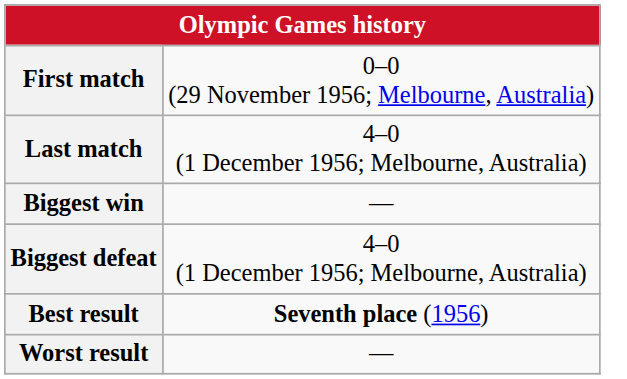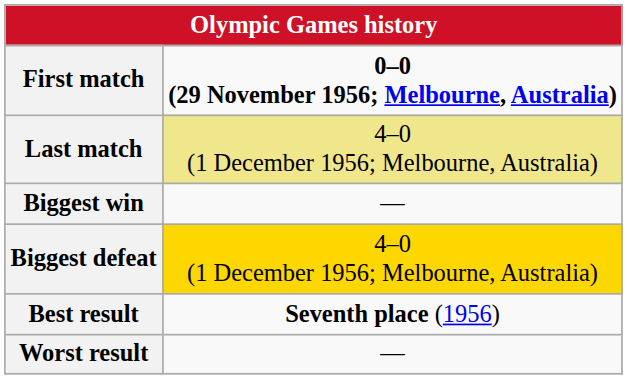 <table class="wikitable collapsible collapsed" style="text-align: center;font-size:90%;">
 <tr>
 <th colspan=6 style="background: #CE1126; color: #FFFFFF;">Olympic Games history</th>
 </tr>
 <tr>
 <th style="text-align: center;">First match</th>
-<td style="text-align:center;"> 0–0 <br>(29 November 1956; <a href='#'>Melbourne</a>, <a href='#'>Australia</a>)</td>
+<td style="text-align:center;"><strong> 0–0 <br>(29 November 1956; <a href='#'>Melbourne</a>, <a href='#'>Australia</a>)</strong></td>
 </tr>
 <tr>
 <th style="text-align: center;">Last match</th>
-<td style="text-align:center;"> 4–0 <br>(1 December 1956; Melbourne, Australia)</td>
+<td style="background: khaki; text-align:center;"> 4–0 <br>(1 December 1956; Melbourne, Australia)</td>
 </tr>
 <tr>
 <th style="text-align: center;">Biggest win</th>
 <td style="text-align:center;">—</td>
 </tr>
 <tr>
 <th style="text-align: center;">Biggest defeat</th>
-<td style="text-align:center;"> 4–0 <br>(1 December 1956; Melbourne, Australia)</td>
+<td style="background: gold; text-align:center;"> 4–0 <br>(1 December 1956; Melbourne, Australia)</td>
 </tr>
 <tr>
 <th style="text-align: center;">Best result</th>
 <td style="text-align:center;"><strong>Seventh place</strong> (<a href='#'>1956</a>)</td>
 </tr>
 <tr>
 <th style="text-align: center;">Worst result</th>
 <td style="text-align:center;">—</td>
 </tr>
 </table>
